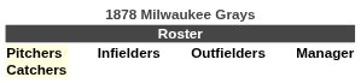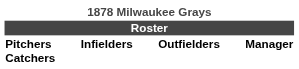 <table class="toccolours" style="font-size: 95%;">
 <tr>
 <th colspan="10" style="background-color: white; color: #464646; text-align: center;">1878 Milwaukee Grays</th>
 </tr>
 <tr>
 <td colspan="10" style="background-color: #464646; color: white; text-align: center;"><strong>Roster</strong></td>
 </tr>
 <tr>
-<td valign="top" style="background: lightyellow;"><strong>Pitchers</strong><br> <strong>Catchers</strong>   </td>
+<td valign="top"><strong>Pitchers</strong><br> <strong>Catchers</strong>   </td>
 <td width="25px"></td>
 <td valign="top"><strong>Infielders</strong><br>      </td>
 <td width="25px"></td>
 <td valign="top"><strong>Outfielders</strong><br>   </td>
 <td width="25px"></td>
 <td valign="top"><strong>Manager</strong><br></td>
 </tr>
 <tr>
 </tr>
 </table>
